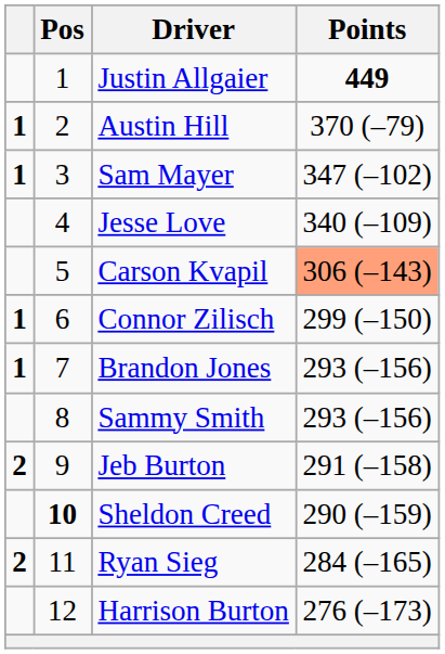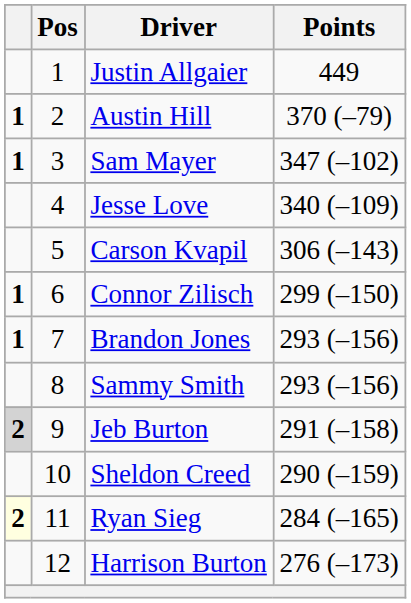 <table class="wikitable" style="font-size: 95%;">
 <tr>
 <th></th>
 <th>Pos</th>
 <th>Driver</th>
 <th>Points</th>
 </tr>
 <tr>
 <td align="left"></td>
 <td style="text-align:center;">1</td>
 <td><a href='#'>Justin Allgaier</a></td>
-<td style="text-align:center;"><strong>449</strong></td>
+<td style="text-align:center;">449</td>
 </tr>
 <tr>
 <td align="left"> <strong>1</strong></td>
 <td style="text-align:center;">2</td>
 <td><a href='#'>Austin Hill</a></td>
 <td style="text-align:center;">370 (–79)</td>
 </tr>
 <tr>
 <td align="left"> <strong>1</strong></td>
 <td style="text-align:center;">3</td>
 <td><a href='#'>Sam Mayer</a></td>
 <td style="text-align:center;">347 (–102)</td>
 </tr>
 <tr>
 <td align="left"></td>
 <td style="text-align:center;">4</td>
 <td><a href='#'>Jesse Love</a></td>
 <td style="text-align:center;">340 (–109)</td>
 </tr>
 <tr>
 <td align="left"></td>
 <td style="text-align:center;">5</td>
 <td><a href='#'>Carson Kvapil</a></td>
-<td style="background: lightsalmon; text-align:center;">306 (–143)</td>
+<td style="text-align:center;">306 (–143)</td>
 </tr>
 <tr>
 <td align="left"> <strong>1</strong></td>
 <td style="text-align:center;">6</td>
 <td><a href='#'>Connor Zilisch</a></td>
 <td style="text-align:center;">299 (–150)</td>
 </tr>
 <tr>
 <td align="left"> <strong>1</strong></td>
 <td style="text-align:center;">7</td>
 <td><a href='#'>Brandon Jones</a></td>
 <td style="text-align:center;">293 (–156)</td>
 </tr>
 <tr>
 <td align="left"></td>
 <td style="text-align:center;">8</td>
 <td><a href='#'>Sammy Smith</a></td>
 <td style="text-align:center;">293 (–156)</td>
 </tr>
 <tr>
-<td align="left"> <strong>2</strong></td>
+<td align="left" style="background: lightgrey;"> <strong>2</strong></td>
 <td style="text-align:center;">9</td>
 <td><a href='#'>Jeb Burton</a></td>
 <td style="text-align:center;">291 (–158)</td>
 </tr>
 <tr>
 <td align="left"></td>
-<td style="text-align:center;"><strong>10</strong></td>
+<td style="text-align:center;">10</td>
 <td><a href='#'>Sheldon Creed</a></td>
 <td style="text-align:center;">290 (–159)</td>
 </tr>
 <tr>
-<td align="left"> <strong>2</strong></td>
+<td align="left" style="background: lightyellow;"> <strong>2</strong></td>
 <td style="text-align:center;">11</td>
 <td><a href='#'>Ryan Sieg</a></td>
 <td style="text-align:center;">284 (–165)</td>
 </tr>
 <tr>
 <td align="left"></td>
 <td style="text-align:center;">12</td>
 <td><a href='#'>Harrison Burton</a></td>
 <td style="text-align:center;">276 (–173)</td>
 </tr>
 <tr class="sortbottom">
 <th colspan="9"></th>
 </tr>
 </table>
